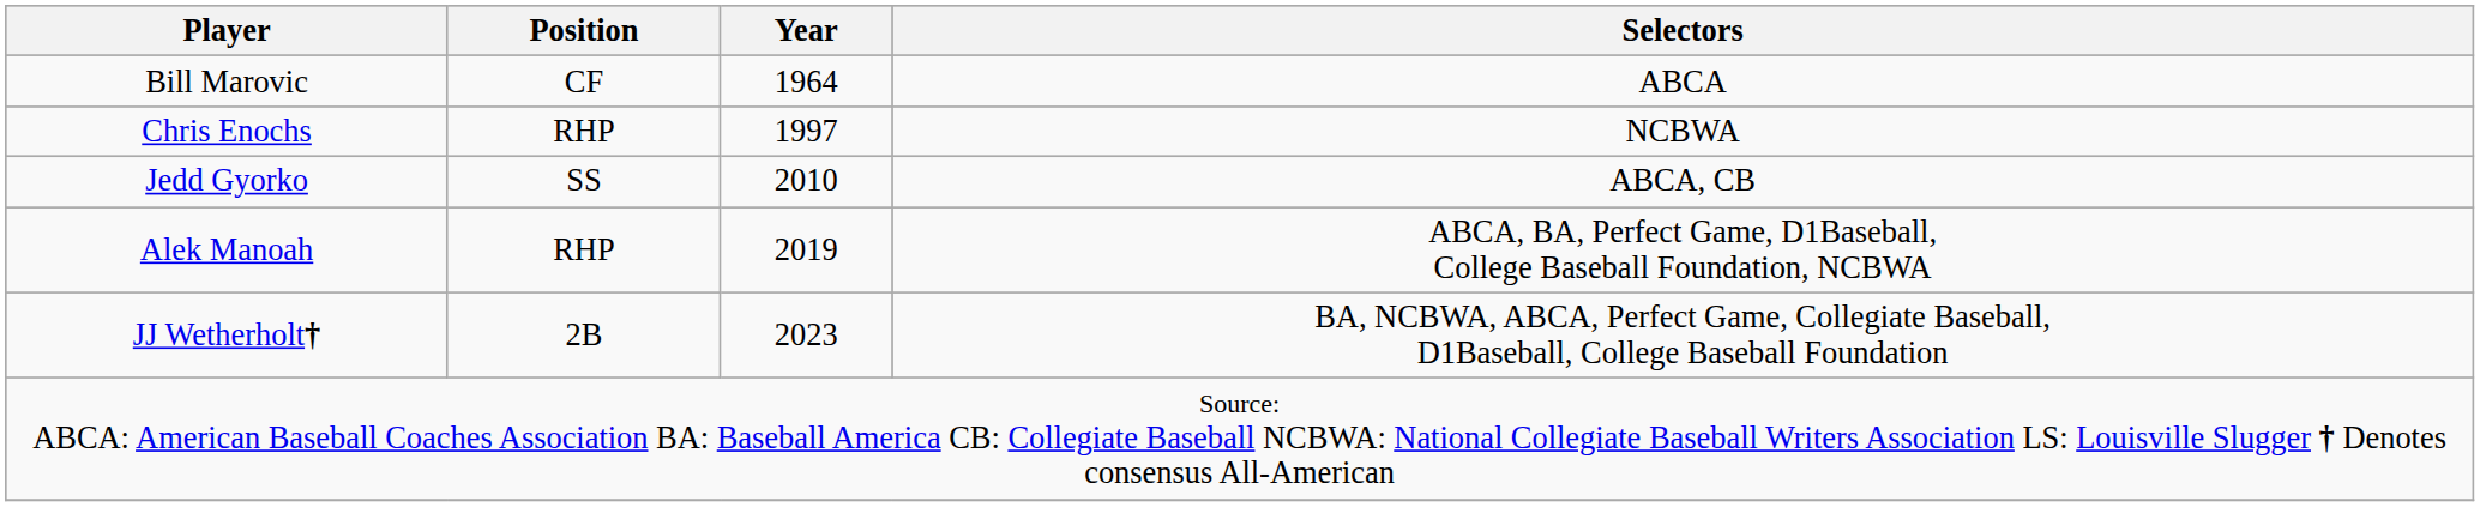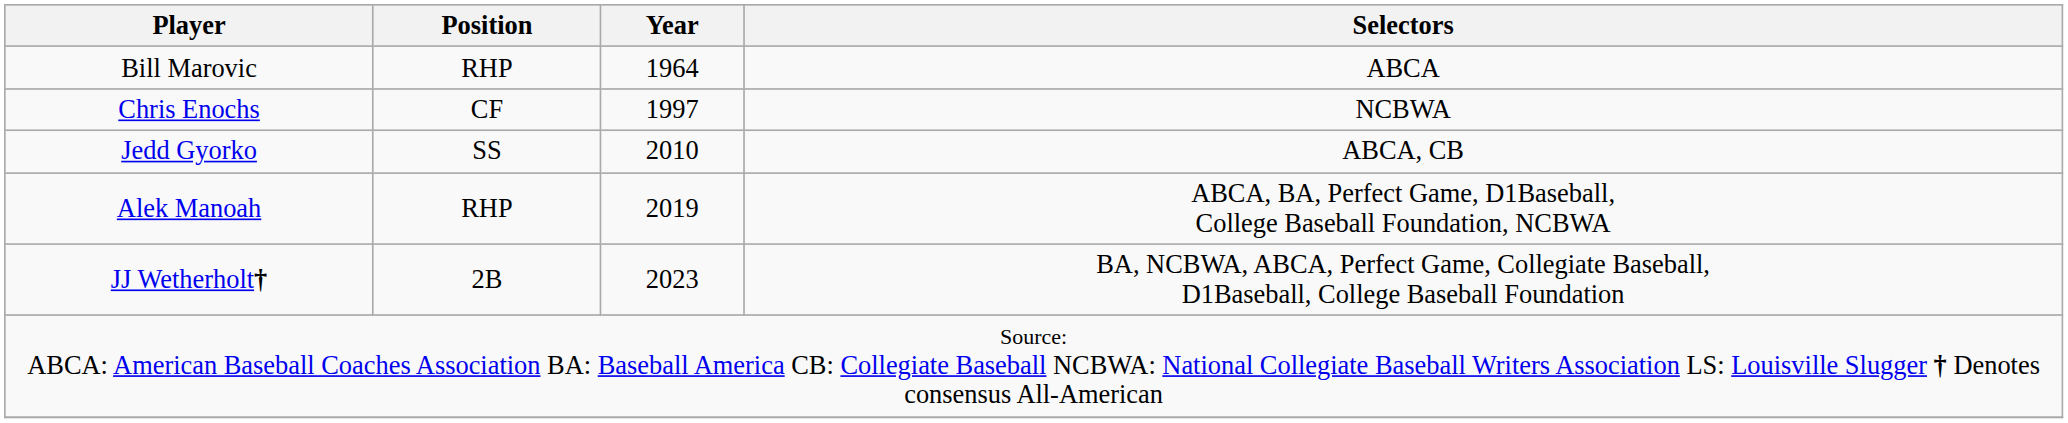 <table class="wikitable">
 <tr>
 <th>Player</th>
 <th>Position</th>
 <th>Year</th>
 <th>Selectors</th>
 </tr>
 <tr style="text-align:center;">
 <td>Bill Marovic</td>
-<td>CF</td>
+<td>RHP</td>
 <td>1964</td>
 <td>ABCA</td>
 </tr>
 <tr style="text-align:center;">
 <td><a href='#'>Chris Enochs</a></td>
-<td>RHP</td>
+<td>CF</td>
 <td>1997</td>
 <td>NCBWA</td>
 </tr>
 <tr style="text-align:center;">
 <td><a href='#'>Jedd Gyorko</a></td>
 <td>SS</td>
 <td>2010</td>
 <td>ABCA, CB</td>
 </tr>
 <tr style="text-align:center;">
 <td><a href='#'>Alek Manoah</a></td>
 <td>RHP</td>
 <td>2019</td>
 <td>ABCA, BA, Perfect Game, D1Baseball,<br> College Baseball Foundation, NCBWA</td>
 </tr>
 <tr style="text-align:center;">
 <td><a href='#'>JJ Wetherholt</a><strong>†</strong></td>
 <td>2B</td>
 <td>2023</td>
 <td>BA, NCBWA, ABCA, Perfect Game, Collegiate Baseball,<br> D1Baseball, College Baseball Foundation</td>
 </tr>
 <tr style="text-align:center;">
 <td colspan=4><small>Source:</small><br>ABCA: <a href='#'>American Baseball Coaches Association</a> BA: <a href='#'>Baseball America</a> CB: <a href='#'>Collegiate Baseball</a> NCBWA: <a href='#'>National Collegiate Baseball Writers Association</a> LS: <a href='#'>Louisville Slugger</a> <strong>†</strong> Denotes consensus All-American</td>
 </tr>
 <tr>
 </tr>
 </table>
